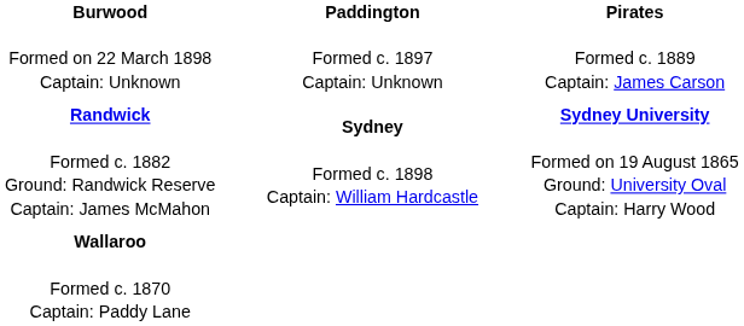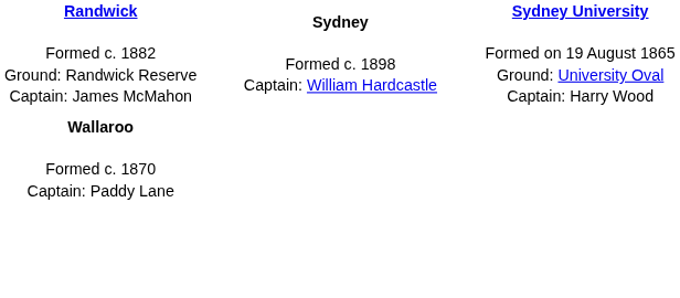 <table class="toccolours" align="center" style="text-valign: center;" cellpadding="3" cellspacing="2">
 <tr>
 <th width="195"></th>
 <th width="195"></th>
 <th width="195"></th>
-</tr>
-<tr>
-<td align="center"><strong><small>Burwood</small></strong><br><br><small>Formed on 22 March 1898</small><strong><br></strong> <small>Captain: Unknown</small></td>
-<td align="center"><strong><small>Paddington</small></strong><br><br><small>Formed c. 1897</small><strong><br></strong> <small>Captain: Unknown</small></td>
-<td align="center"><strong><small>Pirates</small></strong><br><br><small>Formed c. 1889</small><strong><br></strong> <small>Captain: <a href='#'>James Carson</a></small></td>
 </tr>
 <tr>
 <td align="center"><strong><small><a href='#'>Randwick</a></small></strong><br><br><small>Formed c. 1882</small><strong><br></strong> <small>Ground: Randwick Reserve</small><strong><br></strong> <small>Captain: James McMahon</small></td>
 <td align="center"><strong><small>Sydney</small></strong><br><br><small>Formed c. 1898</small><strong><br></strong> <small>Captain: <a href='#'>William Hardcastle</a></small></td>
 <td align="center"><strong><small><a href='#'>Sydney University</a></small></strong><br><br><small>Formed on 19 August 1865</small><strong><br></strong> <small>Ground: <a href='#'>University Oval</a></small><strong><br></strong> <small>Captain: Harry Wood</small></td>
 </tr>
 <tr>
 <td align="center"><strong><small>Wallaroo</small></strong><br><br><small>Formed c. 1870</small><strong><br></strong> <small>Captain: Paddy Lane</small></td>
 </tr>
 </table>
